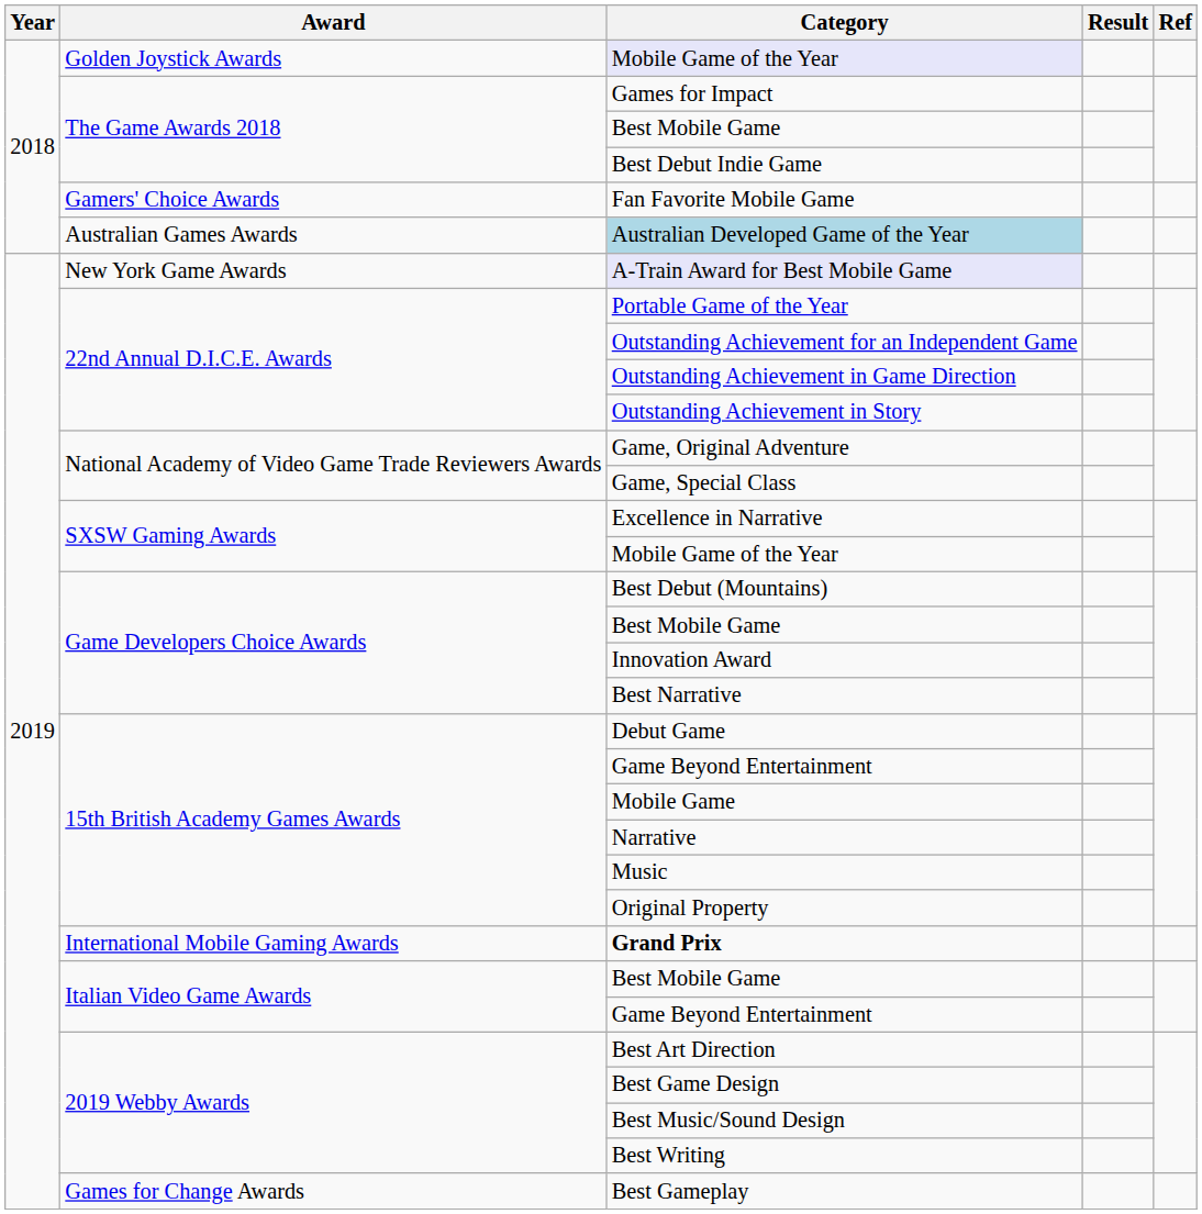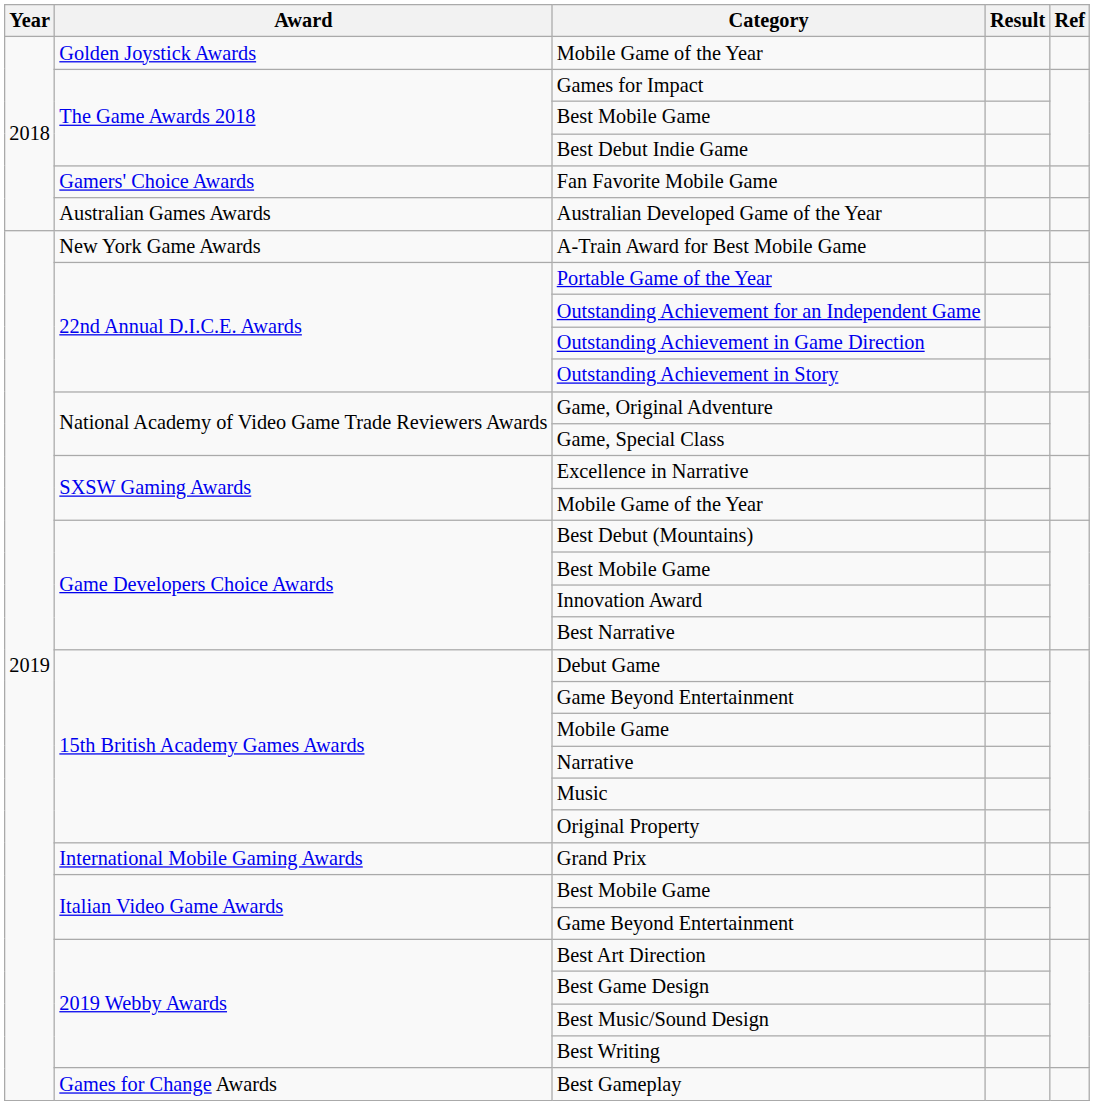 <table class="wikitable sortable">
 <tr>
 <th>Year</th>
 <th>Award</th>
 <th>Category</th>
 <th>Result</th>
 <th>Ref</th>
 </tr>
 <tr>
 <td style="text-align:center;" rowspan="6">2018</td>
 <td><a href='#'>Golden Joystick Awards</a></td>
-<td style="background: lavender;">Mobile Game of the Year</td>
+<td>Mobile Game of the Year</td>
 <td></td>
 <td style="text-align:center;"></td>
 </tr>
 <tr>
 <td rowspan="3"><a href='#'>The Game Awards 2018</a></td>
 <td>Games for Impact</td>
 <td></td>
 <td rowspan="3" style="text-align:center;"></td>
 </tr>
 <tr>
 <td>Best Mobile Game</td>
 <td></td>
 </tr>
 <tr>
 <td>Best Debut Indie Game</td>
 <td></td>
 </tr>
 <tr>
 <td><a href='#'>Gamers' Choice Awards</a></td>
 <td>Fan Favorite Mobile Game</td>
 <td></td>
 <td style="text-align:center;"></td>
 </tr>
 <tr>
 <td>Australian Games Awards</td>
-<td style="background: lightblue;">Australian Developed Game of the Year</td>
+<td>Australian Developed Game of the Year</td>
 <td></td>
 <td style="text-align:center;"></td>
 </tr>
 <tr>
 <td rowspan="27" style="text-align:center;">2019</td>
 <td>New York Game Awards</td>
-<td style="background: lavender;">A-Train Award for Best Mobile Game</td>
+<td>A-Train Award for Best Mobile Game</td>
 <td></td>
 <td style="text-align:center;"></td>
 </tr>
 <tr>
 <td rowspan="4"><a href='#'>22nd Annual D.I.C.E. Awards</a></td>
 <td><a href='#'>Portable Game of the Year</a></td>
 <td></td>
 <td rowspan="4" style="text-align:center;"></td>
 </tr>
 <tr>
 <td><a href='#'>Outstanding Achievement for an Independent Game</a></td>
 <td></td>
 </tr>
 <tr>
 <td><a href='#'>Outstanding Achievement in Game Direction</a></td>
 <td></td>
 </tr>
 <tr>
 <td><a href='#'>Outstanding Achievement in Story</a></td>
 <td></td>
 </tr>
 <tr>
 <td rowspan="2">National Academy of Video Game Trade Reviewers Awards</td>
 <td>Game, Original Adventure</td>
 <td></td>
 <td rowspan="2" style="text-align:center;"></td>
 </tr>
 <tr>
 <td>Game, Special Class</td>
 <td></td>
 </tr>
 <tr>
 <td rowspan="2"><a href='#'>SXSW Gaming Awards</a></td>
 <td>Excellence in Narrative</td>
 <td></td>
 <td rowspan="2" style="text-align:center;"></td>
 </tr>
 <tr>
 <td>Mobile Game of the Year</td>
 <td></td>
 </tr>
 <tr>
 <td rowspan="4"><a href='#'>Game Developers Choice Awards</a></td>
 <td>Best Debut (Mountains)</td>
 <td></td>
 <td rowspan="4" style="text-align:center;"></td>
 </tr>
 <tr>
 <td>Best Mobile Game</td>
 <td></td>
 </tr>
 <tr>
 <td>Innovation Award</td>
 <td></td>
 </tr>
 <tr>
 <td>Best Narrative</td>
 <td></td>
 </tr>
 <tr>
 <td rowspan="6"><a href='#'>15th British Academy Games Awards</a></td>
 <td>Debut Game</td>
 <td></td>
 <td rowspan="6" style="text-align:center;"></td>
 </tr>
 <tr>
 <td>Game Beyond Entertainment</td>
 <td></td>
 </tr>
 <tr>
 <td>Mobile Game</td>
 <td></td>
 </tr>
 <tr>
 <td>Narrative</td>
 <td></td>
 </tr>
 <tr>
 <td>Music</td>
 <td></td>
 </tr>
 <tr>
 <td>Original Property</td>
 <td></td>
 </tr>
 <tr>
 <td><a href='#'>International Mobile Gaming Awards</a></td>
-<td><strong>Grand Prix</strong></td>
+<td>Grand Prix</td>
 <td></td>
 <td style="text-align:center;"></td>
 </tr>
 <tr>
 <td rowspan="2"><a href='#'>Italian Video Game Awards</a></td>
 <td>Best Mobile Game</td>
 <td></td>
 <td rowspan="2" style="text-align:center;"></td>
 </tr>
 <tr>
 <td>Game Beyond Entertainment</td>
 <td></td>
 </tr>
 <tr>
 <td rowspan="4"><a href='#'>2019 Webby Awards</a></td>
 <td>Best Art Direction</td>
 <td></td>
 <td rowspan="4" style="text-align:center;"></td>
 </tr>
 <tr>
 <td>Best Game Design</td>
 <td></td>
 </tr>
 <tr>
 <td>Best Music/Sound Design</td>
 <td></td>
 </tr>
 <tr>
 <td>Best Writing</td>
 <td></td>
 </tr>
 <tr>
 <td><a href='#'>Games for Change</a> Awards</td>
 <td>Best Gameplay</td>
 <td></td>
 <td style="text-align:center;"></td>
 </tr>
 </table>
